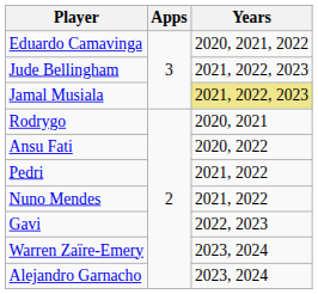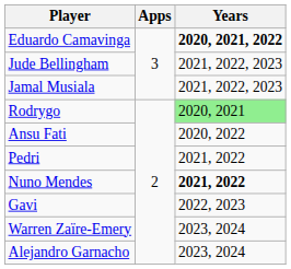 <table class="wikitable sortable">
 <tr>
 <th>Player</th>
 <th>Apps</th>
 <th>Years</th>
 </tr>
 <tr>
 <td> <a href='#'>Eduardo Camavinga</a></td>
 <td rowspan="3" align="center">3</td>
-<td>2020, 2021, 2022</td>
+<td><strong>2020, 2021, 2022</strong></td>
 </tr>
 <tr>
 <td> <a href='#'>Jude Bellingham</a></td>
 <td>2021, 2022, 2023</td>
 </tr>
 <tr>
 <td> <a href='#'>Jamal Musiala</a></td>
-<td style="background: khaki;">2021, 2022, 2023</td>
+<td>2021, 2022, 2023</td>
 </tr>
 <tr>
 <td> <a href='#'>Rodrygo</a></td>
 <td rowspan="7" align="center">2</td>
-<td>2020, 2021</td>
+<td style="background: lightgreen;">2020, 2021</td>
 </tr>
 <tr>
 <td> <a href='#'>Ansu Fati</a></td>
 <td>2020, 2022</td>
 </tr>
 <tr>
 <td> <a href='#'>Pedri</a></td>
 <td>2021, 2022</td>
 </tr>
 <tr>
 <td> <a href='#'>Nuno Mendes</a></td>
-<td>2021, 2022</td>
+<td><strong>2021, 2022</strong></td>
 </tr>
 <tr>
 <td> <a href='#'>Gavi</a></td>
 <td>2022, 2023</td>
 </tr>
 <tr>
 <td> <a href='#'>Warren Zaïre-Emery</a></td>
 <td>2023, 2024</td>
 </tr>
 <tr>
 <td> <a href='#'>Alejandro Garnacho</a></td>
 <td>2023, 2024</td>
 </tr>
 </table>
